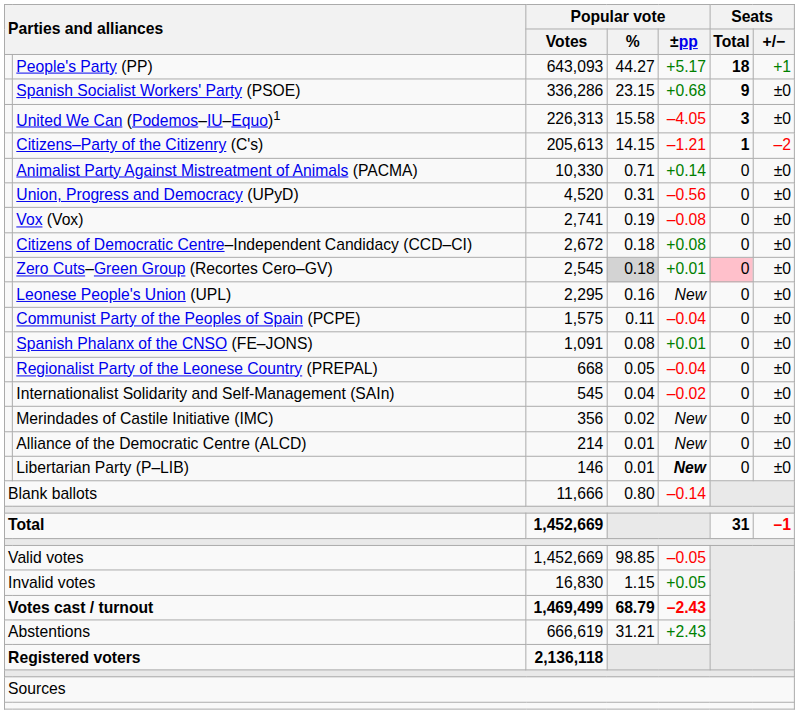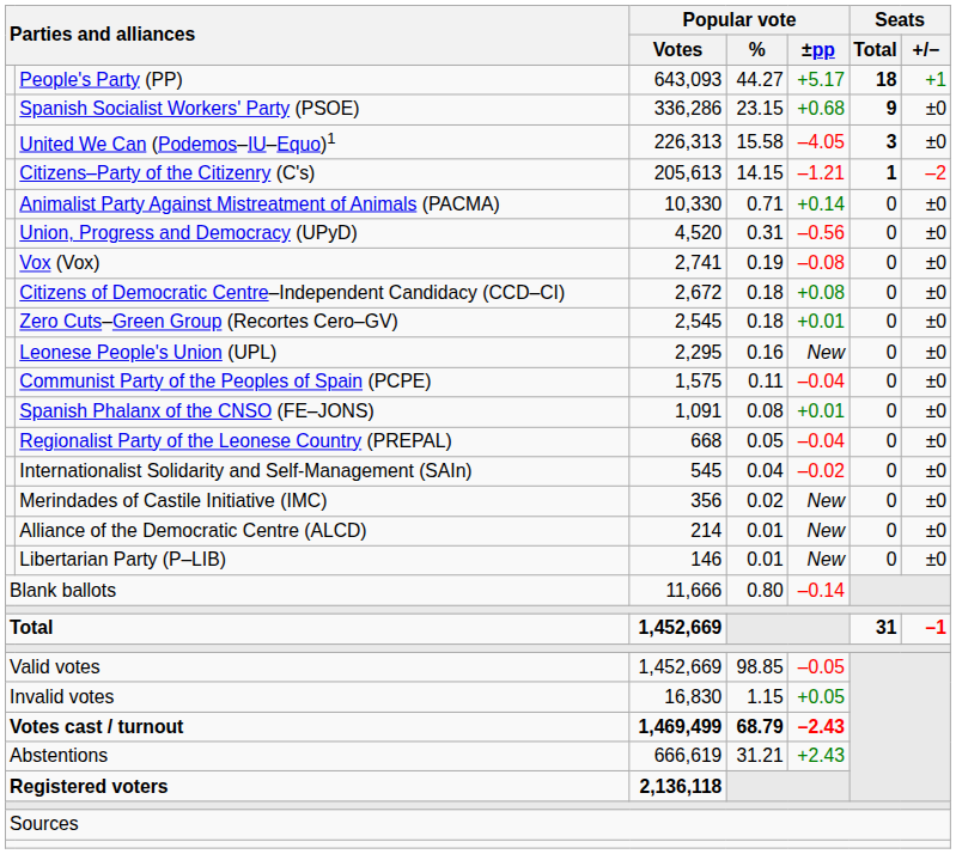 <table class="wikitable" style="text-align:right;">
 <tr>
 <th style="text-align:left;" rowspan="2" colspan="2" width="525">Parties and alliances</th>
 <th colspan="3">Popular vote</th>
 <th colspan="2">Seats</th>
 </tr>
 <tr>
 <th width="75">Votes</th>
 <th width="45">%</th>
 <th width="45">±<a href='#'>pp</a></th>
 <th width="35">Total</th>
 <th width="35">+/−</th>
 </tr>
 <tr>
 <td width="1" style="color:inherit;background:"></td>
 <td align="left"><a href='#'>People's Party</a> (PP)</td>
 <td>643,093</td>
 <td>44.27</td>
 <td style="color:green;">+5.17</td>
 <td><strong>18</strong></td>
 <td style="color:green;">+1</td>
 </tr>
 <tr>
 <td style="color:inherit;background:"></td>
 <td align="left"><a href='#'>Spanish Socialist Workers' Party</a> (PSOE)</td>
 <td>336,286</td>
 <td>23.15</td>
 <td style="color:green;">+0.68</td>
 <td><strong>9</strong></td>
 <td>±0</td>
 </tr>
 <tr>
 <td style="color:inherit;background:"></td>
 <td align="left"><a href='#'>United We Can</a> (<a href='#'>Podemos</a>–<a href='#'>IU</a>–<a href='#'>Equo</a>)<sup>1</sup></td>
 <td>226,313</td>
 <td>15.58</td>
 <td style="color:red;">–4.05</td>
 <td><strong>3</strong></td>
 <td>±0</td>
 </tr>
 <tr>
 <td style="color:inherit;background:"></td>
 <td align="left"><a href='#'>Citizens–Party of the Citizenry</a> (C's)</td>
 <td>205,613</td>
 <td>14.15</td>
 <td style="color:red;">–1.21</td>
 <td><strong>1</strong></td>
 <td style="color:red;">–2</td>
 </tr>
 <tr>
 <td style="color:inherit;background:"></td>
 <td align="left"><a href='#'>Animalist Party Against Mistreatment of Animals</a> (PACMA)</td>
 <td>10,330</td>
 <td>0.71</td>
 <td style="color:green;">+0.14</td>
 <td>0</td>
 <td>±0</td>
 </tr>
 <tr>
 <td style="color:inherit;background:"></td>
 <td align="left"><a href='#'>Union, Progress and Democracy</a> (UPyD)</td>
 <td>4,520</td>
 <td>0.31</td>
 <td style="color:red;">–0.56</td>
 <td>0</td>
 <td>±0</td>
 </tr>
 <tr>
 <td style="color:inherit;background:"></td>
 <td align="left"><a href='#'>Vox</a> (Vox)</td>
 <td>2,741</td>
 <td>0.19</td>
 <td style="color:red;">–0.08</td>
 <td>0</td>
 <td>±0</td>
 </tr>
 <tr>
 <td style="color:inherit;background:"></td>
 <td align="left"><a href='#'>Citizens of Democratic Centre</a>–Independent Candidacy (CCD–CI)</td>
 <td>2,672</td>
 <td>0.18</td>
 <td style="color:green;">+0.08</td>
 <td>0</td>
 <td>±0</td>
 </tr>
 <tr>
 <td style="color:inherit;background:"></td>
 <td align="left"><a href='#'>Zero Cuts</a>–<a href='#'>Green Group</a> (Recortes Cero–GV)</td>
 <td>2,545</td>
-<td style="background: lightgrey;">0.18</td>
+<td>0.18</td>
 <td style="color:green;">+0.01</td>
-<td style="background: pink;">0</td>
+<td>0</td>
 <td>±0</td>
 </tr>
 <tr>
 <td style="color:inherit;background:"></td>
 <td align="left"><a href='#'>Leonese People's Union</a> (UPL)</td>
 <td>2,295</td>
 <td>0.16</td>
 <td><em>New</em></td>
 <td>0</td>
 <td>±0</td>
 </tr>
 <tr>
 <td style="color:inherit;background:"></td>
 <td align="left"><a href='#'>Communist Party of the Peoples of Spain</a> (PCPE)</td>
 <td>1,575</td>
 <td>0.11</td>
 <td style="color:red;">–0.04</td>
 <td>0</td>
 <td>±0</td>
 </tr>
 <tr>
 <td style="color:inherit;background:"></td>
 <td align="left"><a href='#'>Spanish Phalanx of the CNSO</a> (FE–JONS)</td>
 <td>1,091</td>
 <td>0.08</td>
 <td style="color:green;">+0.01</td>
 <td>0</td>
 <td>±0</td>
 </tr>
 <tr>
 <td style="color:inherit;background:"></td>
 <td align="left"><a href='#'>Regionalist Party of the Leonese Country</a> (PREPAL)</td>
 <td>668</td>
 <td>0.05</td>
 <td style="color:red;">–0.04</td>
 <td>0</td>
 <td>±0</td>
 </tr>
 <tr>
 <td style="color:inherit;background:"></td>
 <td align="left">Internationalist Solidarity and Self-Management (SAIn)</td>
 <td>545</td>
 <td>0.04</td>
 <td style="color:red;">–0.02</td>
 <td>0</td>
 <td>±0</td>
 </tr>
 <tr>
 <td style="color:inherit;background:"></td>
 <td align="left">Merindades of Castile Initiative (IMC)</td>
 <td>356</td>
 <td>0.02</td>
 <td><em>New</em></td>
 <td>0</td>
 <td>±0</td>
 </tr>
 <tr>
 <td style="color:inherit;background:"></td>
 <td align="left">Alliance of the Democratic Centre (ALCD)</td>
 <td>214</td>
 <td>0.01</td>
 <td><em>New</em></td>
 <td>0</td>
 <td>±0</td>
 </tr>
 <tr>
 <td style="color:inherit;background:"></td>
 <td align="left">Libertarian Party (P–LIB)</td>
 <td>146</td>
 <td>0.01</td>
-<td><strong><em>New</em></strong></td>
+<td><em>New</em></td>
 <td>0</td>
 <td>±0</td>
 </tr>
 <tr>
 <td align="left" colspan="2">Blank ballots</td>
 <td>11,666</td>
 <td>0.80</td>
 <td style="color:red;">–0.14</td>
 <td bgcolor="#E9E9E9" colspan="2"></td>
 </tr>
 <tr>
 <td colspan="7" bgcolor="#E9E9E9"></td>
 </tr>
 <tr style="font-weight:bold;">
 <td align="left" colspan="2">Total</td>
 <td>1,452,669</td>
 <td bgcolor="#E9E9E9" colspan="2"></td>
 <td>31</td>
 <td style="color:red;">–1</td>
 </tr>
 <tr>
 <td colspan="7" bgcolor="#E9E9E9"></td>
 </tr>
 <tr>
 <td align="left" colspan="2">Valid votes</td>
 <td>1,452,669</td>
 <td>98.85</td>
 <td style="color:red;">–0.05</td>
 <td bgcolor="#E9E9E9" colspan="2" rowspan="5"></td>
 </tr>
 <tr>
 <td align="left" colspan="2">Invalid votes</td>
 <td>16,830</td>
 <td>1.15</td>
 <td style="color:green;">+0.05</td>
 </tr>
 <tr style="font-weight:bold;">
 <td align="left" colspan="2">Votes cast / turnout</td>
 <td>1,469,499</td>
 <td>68.79</td>
 <td style="color:red;">–2.43</td>
 </tr>
 <tr>
 <td align="left" colspan="2">Abstentions</td>
 <td>666,619</td>
 <td>31.21</td>
 <td style="color:green;">+2.43</td>
 </tr>
 <tr style="font-weight:bold;">
 <td align="left" colspan="2">Registered voters</td>
 <td>2,136,118</td>
 <td bgcolor="#E9E9E9" colspan="2"></td>
 </tr>
 <tr>
 <td colspan="7" bgcolor="#E9E9E9"></td>
 </tr>
 <tr>
 <td align="left" colspan="7">Sources</td>
 </tr>
 <tr>
 <td colspan="7" style="text-align:left; max-width:790px;"></td>
 </tr>
 </table>
